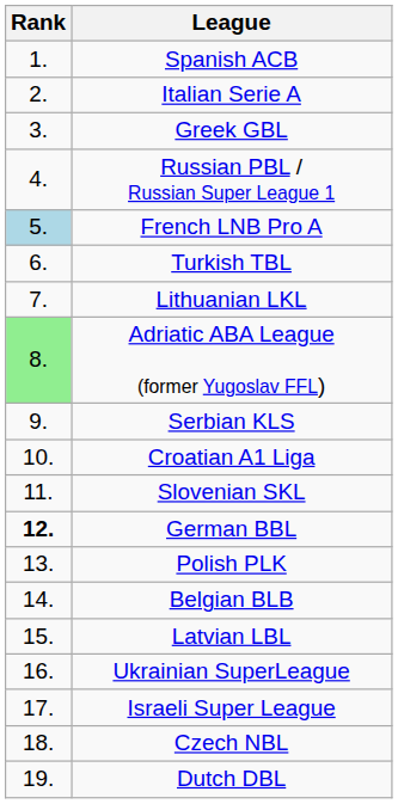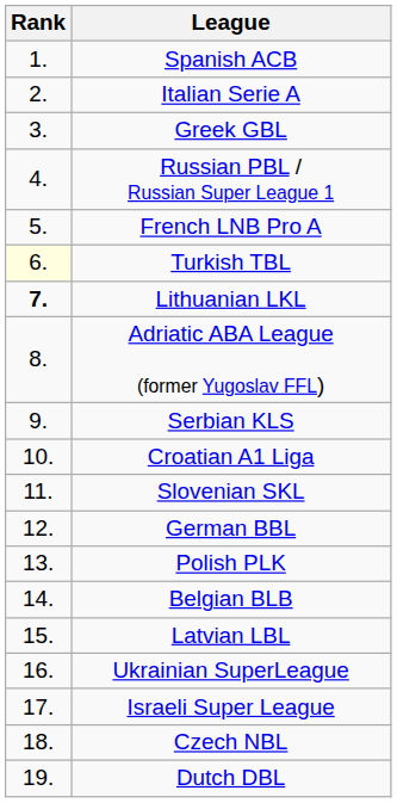 <table class="wikitable" style="text-align:center;">
 <tr>
 <th>Rank</th>
 <th width = 220px>League</th>
 </tr>
 <tr>
 <td>1.</td>
 <td> <a href='#'>Spanish ACB</a></td>
 </tr>
 <tr>
 <td>2.</td>
 <td> <a href='#'>Italian Serie A</a></td>
 </tr>
 <tr>
 <td>3.</td>
 <td> <a href='#'>Greek GBL</a></td>
 </tr>
 <tr>
 <td>4.</td>
 <td> <a href='#'>Russian PBL</a> /<br> <small> <a href='#'>Russian Super League 1</a></small><br></td>
 </tr>
 <tr>
-<td style="background: lightblue;">5.</td>
+<td>5.</td>
 <td> <a href='#'>French LNB Pro A</a></td>
 </tr>
 <tr>
-<td>6.</td>
+<td style="background: lightyellow;">6.</td>
 <td> <a href='#'>Turkish TBL</a></td>
 </tr>
 <tr>
-<td>7.</td>
+<td><strong>7.</strong></td>
 <td> <a href='#'>Lithuanian LKL</a></td>
 </tr>
 <tr>
-<td style="background: lightgreen;">8.</td>
+<td>8.</td>
 <td><a href='#'>Adriatic ABA League</a> <br>       <br> <small>(former  <a href='#'>Yugoslav FFL</a></small>)<br></td>
 </tr>
 <tr>
 <td>9.</td>
 <td> <a href='#'>Serbian KLS</a></td>
 </tr>
 <tr>
 <td>10.</td>
 <td> <a href='#'>Croatian A1 Liga</a></td>
 </tr>
 <tr>
 <td>11.</td>
 <td> <a href='#'>Slovenian SKL</a></td>
 </tr>
 <tr>
-<td><strong>12.</strong></td>
+<td>12.</td>
 <td> <a href='#'>German BBL</a></td>
 </tr>
 <tr>
 <td>13.</td>
 <td> <a href='#'>Polish PLK</a></td>
 </tr>
 <tr>
 <td>14.</td>
 <td> <a href='#'>Belgian BLB</a></td>
 </tr>
 <tr>
 <td>15.</td>
 <td> <a href='#'>Latvian LBL</a></td>
 </tr>
 <tr>
 <td>16.</td>
 <td> <a href='#'>Ukrainian SuperLeague</a></td>
 </tr>
 <tr>
 <td>17.</td>
 <td> <a href='#'>Israeli Super League</a></td>
 </tr>
 <tr>
 <td>18.</td>
 <td> <a href='#'>Czech NBL</a></td>
 </tr>
 <tr>
 <td>19.</td>
 <td> <a href='#'>Dutch DBL</a></td>
 </tr>
 </table>
